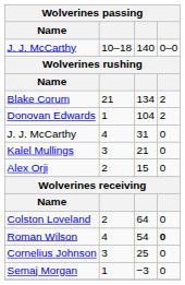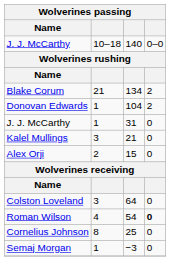 <table class="wikitable plainrowheaders">
 <tr>
 <th colspan="6">Wolverines passing</th>
 </tr>
 <tr>
 <th scope="col">Name</th>
 <th scope="col"></th>
 <th scope="col"></th>
 <th scope="col"></th>
 </tr>
 <tr>
 <td><a href='#'>J. J. McCarthy</a></td>
 <td>10–18</td>
 <td>140</td>
 <td>0–0</td>
 </tr>
 <tr>
 <th colspan="6">Wolverines rushing</th>
 </tr>
 <tr>
 <th scope="col">Name</th>
 <th scope="col"></th>
 <th scope="col"></th>
 <th scope="col"></th>
 </tr>
 <tr>
 <td><a href='#'>Blake Corum</a></td>
 <td>21</td>
 <td>134</td>
 <td>2</td>
 </tr>
 <tr>
 <td><a href='#'>Donovan Edwards</a></td>
 <td>1</td>
 <td>104</td>
 <td>2</td>
 </tr>
 <tr>
 <td>J. J. McCarthy</td>
-<td>4</td>
+<td>1</td>
 <td>31</td>
 <td>0</td>
 </tr>
 <tr>
 <td><a href='#'>Kalel Mullings</a></td>
 <td>3</td>
 <td>21</td>
 <td>0</td>
 </tr>
 <tr>
 <td><a href='#'>Alex Orji</a></td>
 <td>2</td>
 <td>15</td>
 <td>0</td>
 </tr>
 <tr>
 <th colspan="6">Wolverines receiving</th>
 </tr>
 <tr>
 <th scope="col">Name</th>
 <th scope="col"></th>
 <th scope="col"></th>
 <th scope="col"></th>
 </tr>
 <tr>
 <td><a href='#'>Colston Loveland</a></td>
-<td>2</td>
+<td>3</td>
 <td>64</td>
 <td>0</td>
 </tr>
 <tr>
 <td><a href='#'>Roman Wilson</a></td>
 <td>4</td>
 <td>54</td>
 <td><strong>0</strong></td>
 </tr>
 <tr>
 <td><a href='#'>Cornelius Johnson</a></td>
-<td>3</td>
+<td>8</td>
 <td>25</td>
 <td>0</td>
 </tr>
 <tr>
 <td><a href='#'>Semaj Morgan</a></td>
 <td>1</td>
 <td>−3</td>
 <td>0</td>
 </tr>
 <tr>
 </tr>
 </table>
